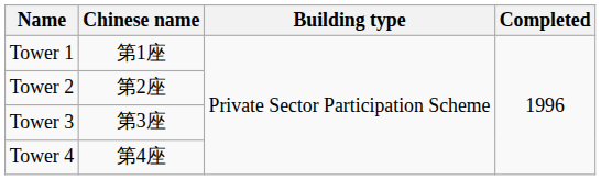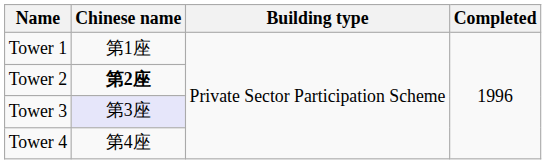 <table class="wikitable" style="text-align: center">
 <tr>
 <th>Name</th>
 <th>Chinese name</th>
 <th>Building type</th>
 <th>Completed</th>
 </tr>
 <tr>
 <td>Tower 1</td>
 <td>第1座</td>
 <td rowspan="4">Private Sector Participation Scheme</td>
 <td rowspan="4">1996</td>
 </tr>
 <tr>
 <td>Tower 2</td>
-<td>第2座</td>
+<td><strong>第2座</strong></td>
 </tr>
 <tr>
 <td>Tower 3</td>
-<td>第3座</td>
+<td style="background: lavender;">第3座</td>
 </tr>
 <tr>
 <td>Tower 4</td>
 <td>第4座</td>
 </tr>
 </table>
